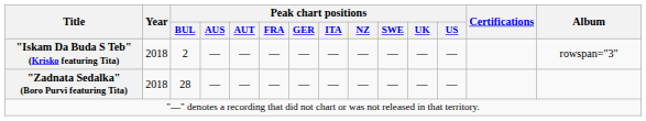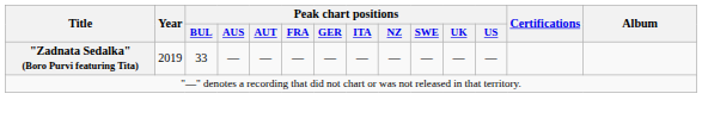 <table class="wikitable plainrowheaders" style="text-align:center;">
 <tr>
 <th rowspan="2" scope="col" style="width:12em;">Title</th>
 <th rowspan="2" scope="col">Year</th>
 <th colspan="10" scope="col">Peak chart positions</th>
 <th rowspan="2" scope="col"><a href='#'>Certifications</a></th>
 <th rowspan="2" scope="col" style="width:9em;">Album</th>
 </tr>
 <tr>
 <th scope="col" style="width:2.5em;font-size:90%;"><a href='#'>BUL</a></th>
 <th scope="col" style="width:2.5em;font-size:90%;"><a href='#'>AUS</a></th>
 <th scope="col" style="width:2.5em;font-size:90%;"><a href='#'>AUT</a></th>
 <th scope="col" style="width:2.5em;font-size:90%;"><a href='#'>FRA</a></th>
 <th scope="col" style="width:2.5em;font-size:90%;"><a href='#'>GER</a></th>
 <th scope="col" style="width:2.5em;font-size:90%;"><a href='#'>ITA</a></th>
 <th scope="col" style="width:2.5em;font-size:90%;"><a href='#'>NZ</a></th>
 <th scope="col" style="width:2.5em;font-size:90%;"><a href='#'>SWE</a></th>
 <th scope="col" style="width:2.5em;font-size:90%;"><a href='#'>UK</a></th>
 <th scope="col" style="width:2.5em;font-size:90%;"><a href='#'>US</a></th>
 </tr>
 <tr>
-<th scope="row">"Iskam Da Buda S Teb" <br><small>(<a href='#'>Krisko</a> featuring Tita)</small></th>
-<td>2018</td>
-<td>2</td>
-<td>—</td>
-<td>—</td>
-<td>—</td>
-<td>—</td>
-<td>—</td>
-<td>—</td>
-<td>—</td>
-<td>—</td>
-<td>—</td>
-<td></td>
-<td>rowspan="3" </td>
-</tr>
-<tr>
 <th scope="row">"Zadnata Sedalka" <br><small>(Boro Purvi featuring Tita)</small></th>
-<td>2018</td>
-<td>28</td>
+<td>2019</td>
+<td>33</td>
 <td>—</td>
 <td>—</td>
 <td>—</td>
 <td>—</td>
 <td>—</td>
 <td>—</td>
 <td>—</td>
 <td>—</td>
 <td>—</td>
 <td></td>
 </tr>
 <tr>
 <td colspan="14" style="font-size:90%">"—" denotes a recording that did not chart or was not released in that territory.</td>
 </tr>
 </table>
